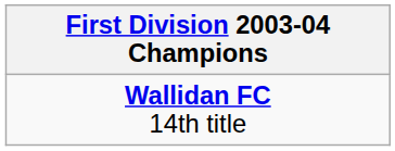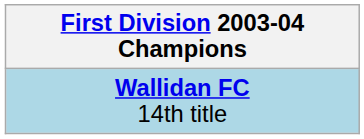 <table class="wikitable" style="margin: 0 auto; width: 240px;">
 <tr>
 <th><a href='#'>First Division</a> 2003-04<br>Champions</th>
 </tr>
 <tr>
-<td align=center><strong><a href='#'>Wallidan FC</a></strong><br>14th title</td>
+<td align=center style="background: lightblue;"><strong><a href='#'>Wallidan FC</a></strong><br>14th title</td>
 </tr>
 </table>
